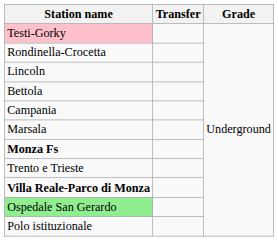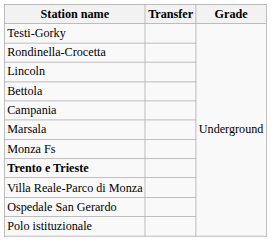 <table class="wikitable">
 <tr>
 <th>Station name</th>
 <th>Transfer</th>
 <th>Grade</th>
 </tr>
 <tr>
-<td style="background: pink;">Testi-Gorky</td>
+<td>Testi-Gorky</td>
 <td></td>
 <td rowspan="11">Underground</td>
 </tr>
 <tr>
 <td>Rondinella-Crocetta</td>
 <td></td>
 </tr>
 <tr>
 <td>Lincoln</td>
 <td></td>
 </tr>
 <tr>
 <td>Bettola</td>
 <td></td>
 </tr>
 <tr>
 <td>Campania</td>
 <td></td>
 </tr>
 <tr>
 <td>Marsala</td>
 <td></td>
 </tr>
 <tr>
-<td><strong>Monza Fs</strong></td>
+<td>Monza Fs</td>
 <td>    </td>
 </tr>
 <tr>
-<td>Trento e Trieste</td>
+<td><strong>Trento e Trieste</strong></td>
 <td></td>
 </tr>
 <tr>
-<td><strong>Villa Reale-Parco di Monza</strong></td>
+<td>Villa Reale-Parco di Monza</td>
 <td></td>
 </tr>
 <tr>
-<td style="background: lightgreen;">Ospedale San Gerardo</td>
+<td>Ospedale San Gerardo</td>
 <td></td>
 </tr>
 <tr>
 <td>Polo istituzionale</td>
 <td></td>
 </tr>
 </table>
